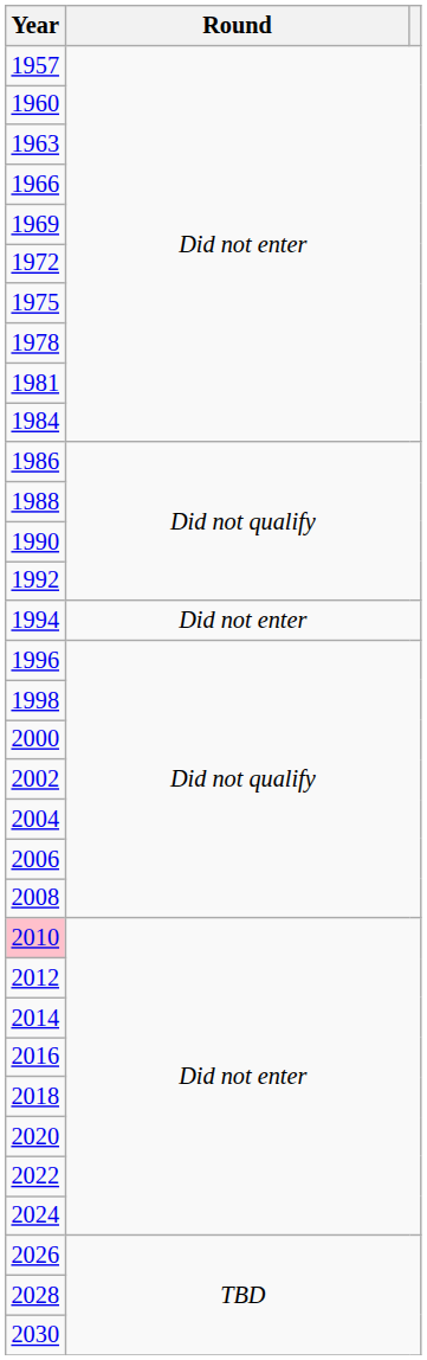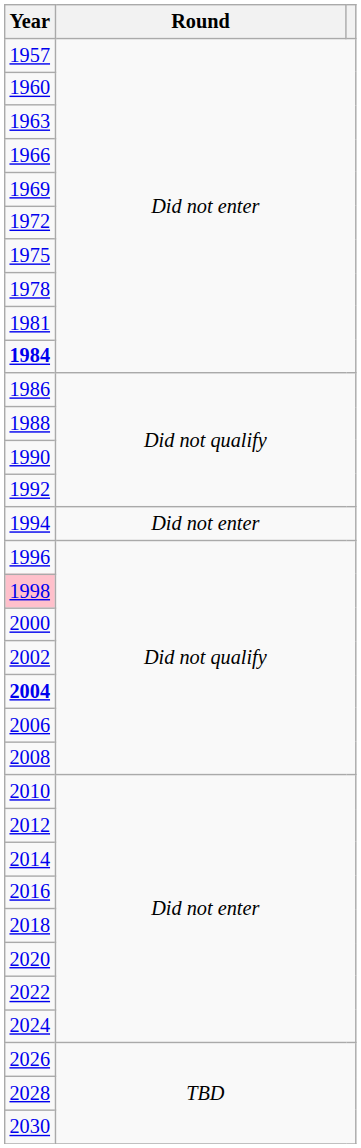 <table class="wikitable" style="text-align: center; font-size:90%">
 <tr>
 <th>Year</th>
 <th style="width:200px">Round</th>
 <th></th>
 </tr>
 <tr>
 <td><a href='#'>1957</a></td>
 <td colspan="2" rowspan="10"><em>Did not enter</em></td>
 </tr>
 <tr>
 <td><a href='#'>1960</a></td>
 </tr>
 <tr>
 <td><a href='#'>1963</a></td>
 </tr>
 <tr>
 <td><a href='#'>1966</a></td>
 </tr>
 <tr>
 <td><a href='#'>1969</a></td>
 </tr>
 <tr>
 <td><a href='#'>1972</a></td>
 </tr>
 <tr>
 <td><a href='#'>1975</a></td>
 </tr>
 <tr>
 <td><a href='#'>1978</a></td>
 </tr>
 <tr>
 <td><a href='#'>1981</a></td>
 </tr>
 <tr>
-<td><a href='#'>1984</a></td>
+<td><strong><a href='#'>1984</a></strong></td>
 </tr>
 <tr>
 <td><a href='#'>1986</a></td>
 <td colspan="2" rowspan="4"><em>Did not qualify</em></td>
 </tr>
 <tr>
 <td><a href='#'>1988</a></td>
 </tr>
 <tr>
 <td><a href='#'>1990</a></td>
 </tr>
 <tr>
 <td><a href='#'>1992</a></td>
 </tr>
 <tr>
 <td><a href='#'>1994</a></td>
 <td colspan="2"><em>Did not enter</em></td>
 </tr>
 <tr>
 <td><a href='#'>1996</a></td>
 <td colspan="2" rowspan="7"><em>Did not qualify</em></td>
 </tr>
 <tr>
-<td><a href='#'>1998</a></td>
+<td style="background: pink;"><a href='#'>1998</a></td>
 </tr>
 <tr>
 <td><a href='#'>2000</a></td>
 </tr>
 <tr>
 <td><a href='#'>2002</a></td>
 </tr>
 <tr>
-<td><a href='#'>2004</a></td>
+<td><strong><a href='#'>2004</a></strong></td>
 </tr>
 <tr>
 <td><a href='#'>2006</a></td>
 </tr>
 <tr>
 <td><a href='#'>2008</a></td>
 </tr>
 <tr>
-<td style="background: pink;"><a href='#'>2010</a></td>
+<td><a href='#'>2010</a></td>
 <td colspan="2" rowspan="8"><em>Did not enter</em></td>
 </tr>
 <tr>
 <td><a href='#'>2012</a></td>
 </tr>
 <tr>
 <td><a href='#'>2014</a></td>
 </tr>
 <tr>
 <td><a href='#'>2016</a></td>
 </tr>
 <tr>
 <td><a href='#'>2018</a></td>
 </tr>
 <tr>
 <td><a href='#'>2020</a></td>
 </tr>
 <tr>
 <td><a href='#'>2022</a></td>
 </tr>
 <tr>
 <td><a href='#'>2024</a></td>
 </tr>
 <tr>
 <td><a href='#'>2026</a></td>
 <td colspan="2" rowspan="3"><em>TBD</em></td>
 </tr>
 <tr>
 <td><a href='#'>2028</a></td>
 </tr>
 <tr>
 <td><a href='#'>2030</a></td>
 </tr>
 </table>
